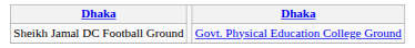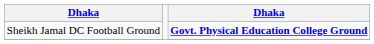 <table class="wikitable" style="text-align:center; margin:1em auto;">
 <tr>
 <th><a href='#'>Dhaka</a></th>
 <td rowspan="3"></td>
 <th><a href='#'>Dhaka</a></th>
 </tr>
 <tr>
 <td>Sheikh Jamal DC Football Ground</td>
-<td><a href='#'>Govt. Physical Education College Ground</a></td>
+<td><strong><a href='#'>Govt. Physical Education College Ground</a></strong></td>
 </tr>
 <tr>
 </tr>
 </table>
